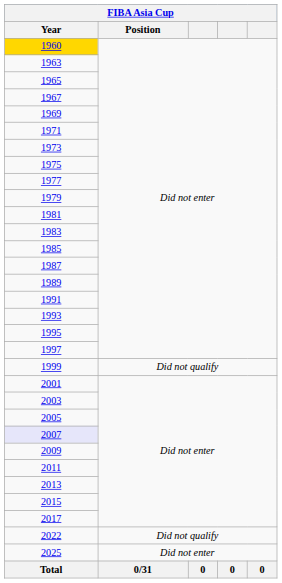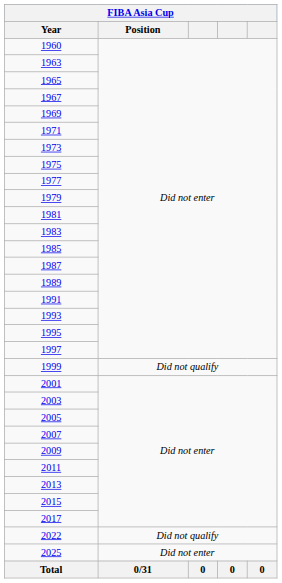 <table class="wikitable" style="text-align: center;font-size:90%;">
 <tr bgcolor=#9acdff>
 <th colspan=9><a href='#'>FIBA Asia Cup</a></th>
 </tr>
 <tr>
 <th width=125>Year</th>
 <th width=120>Position</th>
 <th width=35></th>
 <th width=35></th>
 <th width=35></th>
 </tr>
 <tr>
-<td style="background: gold;"> <a href='#'>1960</a></td>
+<td> <a href='#'>1960</a></td>
 <td colspan="4" rowspan="19"><em>Did not enter</em></td>
 </tr>
 <tr>
 <td> <a href='#'>1963</a></td>
 </tr>
 <tr>
 <td> <a href='#'>1965</a></td>
 </tr>
 <tr>
 <td> <a href='#'>1967</a></td>
 </tr>
 <tr>
 <td> <a href='#'>1969</a></td>
 </tr>
 <tr>
 <td> <a href='#'>1971</a></td>
 </tr>
 <tr>
 <td> <a href='#'>1973</a></td>
 </tr>
 <tr>
 <td> <a href='#'>1975</a></td>
 </tr>
 <tr>
 <td> <a href='#'>1977</a></td>
 </tr>
 <tr>
 <td> <a href='#'>1979</a></td>
 </tr>
 <tr>
 <td> <a href='#'>1981</a></td>
 </tr>
 <tr>
 <td> <a href='#'>1983</a></td>
 </tr>
 <tr>
 <td> <a href='#'>1985</a></td>
 </tr>
 <tr>
 <td> <a href='#'>1987</a></td>
 </tr>
 <tr>
 <td> <a href='#'>1989</a></td>
 </tr>
 <tr>
 <td> <a href='#'>1991</a></td>
 </tr>
 <tr>
 <td> <a href='#'>1993</a></td>
 </tr>
 <tr>
 <td> <a href='#'>1995</a></td>
 </tr>
 <tr>
 <td> <a href='#'>1997</a></td>
 </tr>
 <tr>
 <td> <a href='#'>1999</a></td>
 <td colspan=4><em>Did not qualify</em></td>
 </tr>
 <tr>
 <td> <a href='#'>2001</a></td>
 <td rowspan=9 colspan=4><em>Did not enter</em></td>
 </tr>
 <tr>
 <td> <a href='#'>2003</a></td>
 </tr>
 <tr>
 <td> <a href='#'>2005</a></td>
 </tr>
 <tr>
-<td style="background: lavender;"> <a href='#'>2007</a></td>
+<td> <a href='#'>2007</a></td>
 </tr>
 <tr>
 <td> <a href='#'>2009</a></td>
 </tr>
 <tr>
 <td> <a href='#'>2011</a></td>
 </tr>
 <tr>
 <td> <a href='#'>2013</a></td>
 </tr>
 <tr>
 <td> <a href='#'>2015</a></td>
 </tr>
 <tr>
 <td> <a href='#'>2017</a></td>
 </tr>
 <tr>
 <td> <a href='#'>2022</a></td>
 <td colspan=4><em>Did not qualify</em></td>
 </tr>
 <tr>
 <td> <a href='#'>2025</a></td>
 <td colspan=4><em>Did not enter</em></td>
 </tr>
 <tr>
 <th>Total</th>
 <th>0/31</th>
 <th>0</th>
 <th>0</th>
 <th>0</th>
 </tr>
 </table>
